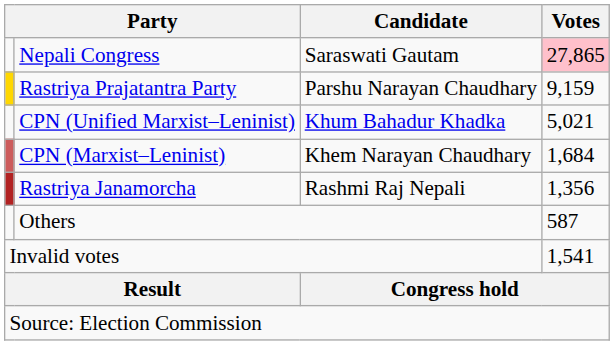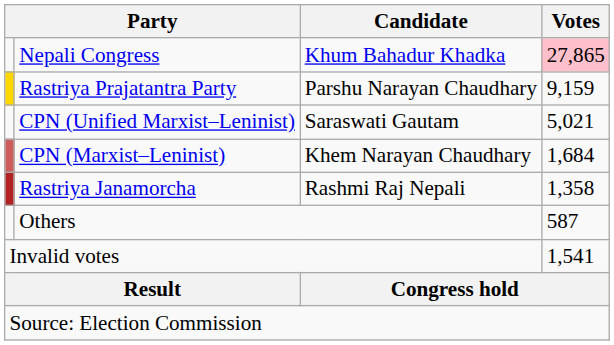 <table class="wikitable">
 <tr>
 <th colspan="2">Party</th>
 <th>Candidate</th>
 <th>Votes</th>
 </tr>
 <tr>
 <td style="background-color:"></td>
 <td><a href='#'>Nepali Congress</a></td>
-<td>Saraswati Gautam</td>
+<td><a href='#'>Khum Bahadur Khadka</a></td>
 <td style="background: pink;">27,865</td>
 </tr>
 <tr>
 <td style="background-color:gold"></td>
 <td><a href='#'>Rastriya Prajatantra Party</a></td>
 <td>Parshu Narayan Chaudhary</td>
 <td>9,159</td>
 </tr>
 <tr>
 <td style="background-color:"></td>
 <td><a href='#'>CPN (Unified Marxist–Leninist)</a></td>
-<td><a href='#'>Khum Bahadur Khadka</a></td>
+<td>Saraswati Gautam</td>
 <td>5,021</td>
 </tr>
 <tr>
 <td style="background-color:indianred"></td>
 <td><a href='#'>CPN (Marxist–Leninist)</a></td>
 <td>Khem Narayan Chaudhary</td>
 <td>1,684</td>
 </tr>
 <tr>
 <td style="background-color:firebrick"></td>
 <td><a href='#'>Rastriya Janamorcha</a></td>
 <td>Rashmi Raj Nepali</td>
-<td>1,356</td>
+<td>1,358</td>
 </tr>
 <tr>
 <td></td>
 <td colspan="2">Others</td>
 <td>587</td>
 </tr>
 <tr>
 <td colspan="3">Invalid votes</td>
 <td>1,541</td>
 </tr>
 <tr>
 <th colspan="2">Result</th>
 <th colspan="2">Congress hold</th>
 </tr>
 <tr>
 <td colspan="4">Source: Election Commission</td>
 </tr>
 </table>
